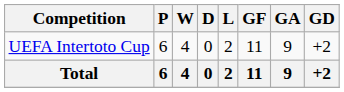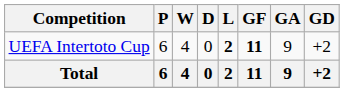 <table class="wikitable sortable" style="text-align:center">
 <tr>
 <th>Competition</th>
 <th>P</th>
 <th>W</th>
 <th>D</th>
 <th>L</th>
 <th>GF</th>
 <th>GA</th>
 <th>GD</th>
 </tr>
 <tr>
 <td><a href='#'>UEFA Intertoto Cup</a></td>
 <td>6</td>
 <td>4</td>
 <td>0</td>
-<td>2</td>
-<td>11</td>
+<td><strong>2</strong></td>
+<td><strong>11</strong></td>
 <td>9</td>
 <td>+2</td>
 </tr>
 <tr>
 <th><strong>Total</strong></th>
 <th><strong>6</strong></th>
 <th><strong>4</strong></th>
 <th><strong>0</strong></th>
 <th><strong>2</strong></th>
 <th><strong>11</strong></th>
 <th><strong>9</strong></th>
 <th><strong>+2</strong></th>
 </tr>
 <tr>
 </tr>
 </table>
